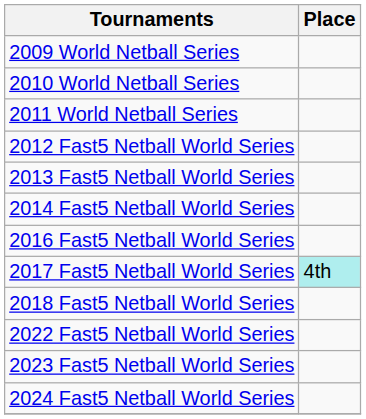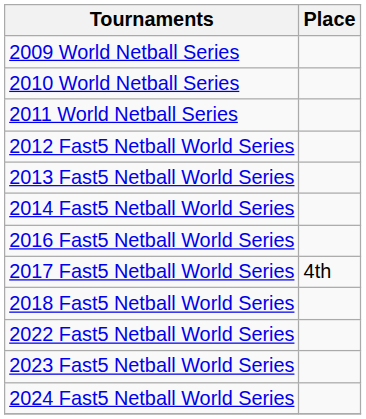 <table class="wikitable collapsible">
 <tr>
 <th>Tournaments</th>
 <th>Place</th>
 </tr>
 <tr>
 <td><a href='#'>2009 World Netball Series</a></td>
 <td></td>
 </tr>
 <tr>
 <td><a href='#'>2010 World Netball Series</a></td>
 <td></td>
 </tr>
 <tr>
 <td><a href='#'>2011 World Netball Series</a></td>
 <td></td>
 </tr>
 <tr>
 <td><a href='#'>2012 Fast5 Netball World Series</a></td>
 <td></td>
 </tr>
 <tr>
 <td><a href='#'>2013 Fast5 Netball World Series</a></td>
 <td></td>
 </tr>
 <tr>
 <td><a href='#'>2014 Fast5 Netball World Series</a></td>
 <td></td>
 </tr>
 <tr>
 <td><a href='#'>2016 Fast5 Netball World Series</a></td>
 <td></td>
 </tr>
 <tr>
 <td><a href='#'>2017 Fast5 Netball World Series</a></td>
-<td style="background: paleturquoise;">4th</td>
+<td>4th</td>
 </tr>
 <tr>
 <td><a href='#'>2018 Fast5 Netball World Series</a></td>
 <td></td>
 </tr>
 <tr>
 <td><a href='#'>2022 Fast5 Netball World Series</a></td>
 <td></td>
 </tr>
 <tr>
 <td><a href='#'>2023 Fast5 Netball World Series</a></td>
 <td></td>
 </tr>
 <tr>
 <td><a href='#'>2024 Fast5 Netball World Series</a></td>
 <td></td>
 </tr>
 <tr>
 </tr>
 </table>
